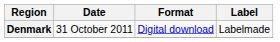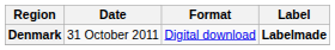 <table class="wikitable plainrowheaders">
 <tr>
 <th scope="col">Region</th>
 <th scope="col">Date</th>
 <th scope="col">Format</th>
 <th scope="col">Label</th>
 </tr>
 <tr>
 <th scope="row">Denmark</th>
 <td>31 October 2011</td>
 <td><a href='#'>Digital download</a></td>
-<td>Labelmade</td>
+<td><strong>Labelmade</strong></td>
 </tr>
 <tr>
 </tr>
 </table>
